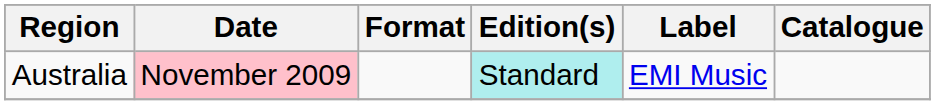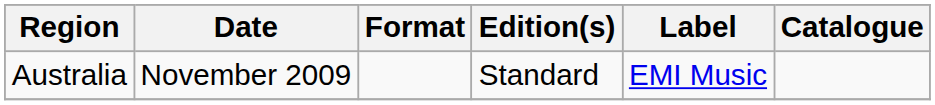 <table class="wikitable plainrowheaders">
 <tr>
 <th scope="col">Region</th>
 <th scope="col">Date</th>
 <th scope="col">Format</th>
 <th scope="col">Edition(s)</th>
 <th scope="col">Label</th>
 <th scope="col">Catalogue</th>
 </tr>
 <tr>
 <td>Australia</td>
-<td style="background: pink;">November 2009</td>
+<td>November 2009</td>
 <td></td>
-<td style="background: paleturquoise;">Standard</td>
+<td>Standard</td>
 <td><a href='#'>EMI Music</a></td>
 <td></td>
 </tr>
 <tr>
 </tr>
 </table>
